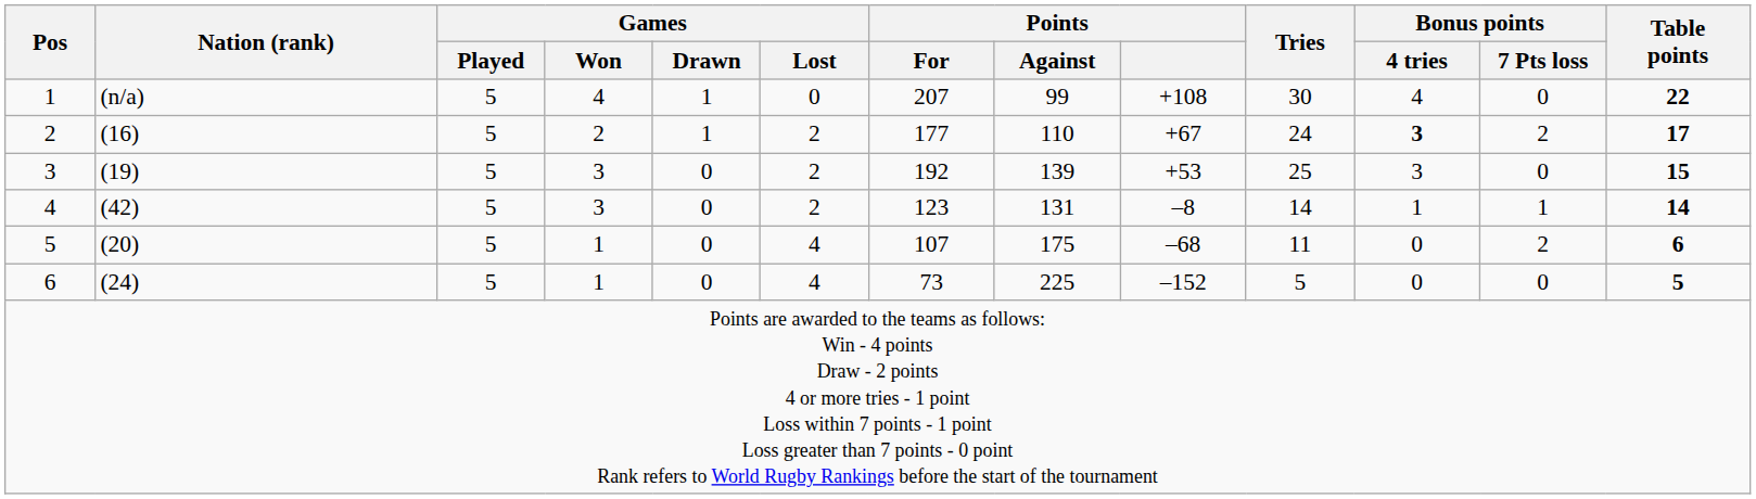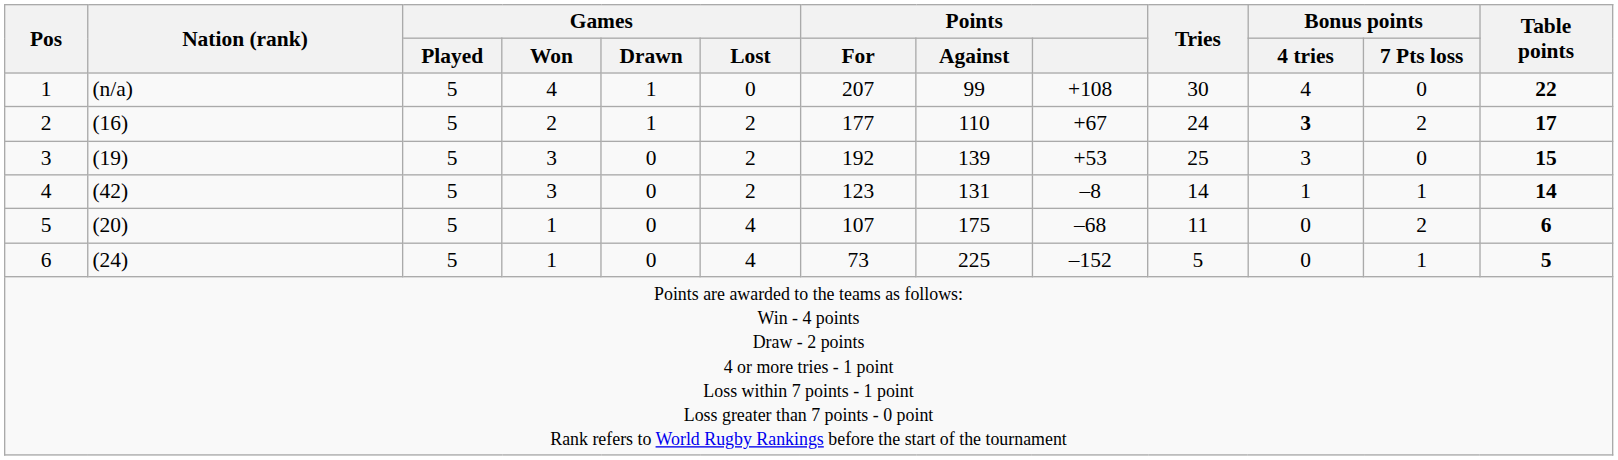 <table class="wikitable" style="text-align:center; width:95%">
 <tr>
 <th rowspan="2" style="width:5%">Pos</th>
 <th rowspan="2" style="width:19%">Nation (rank)</th>
 <th colspan="4" style="width:28%">Games</th>
 <th colspan="3" style="width:18%">Points</th>
 <th rowspan="2" style="width:6%">Tries</th>
 <th colspan="2" style="width:15%">Bonus points</th>
 <th rowspan="2" style="width:8%">Table<br>points</th>
 </tr>
 <tr>
 <th style="width:6%">Played</th>
 <th style="width:6%">Won</th>
 <th style="width:6%">Drawn</th>
 <th style="width:6%">Lost</th>
 <th style="width:7%">For</th>
 <th style="width:7%">Against</th>
 <th style="width:7%"></th>
 <th style="width:7%">4 tries</th>
 <th style="width:7%">7 Pts loss</th>
 </tr>
 <tr>
 <td>1</td>
 <td align="left"> (n/a)</td>
 <td>5</td>
 <td>4</td>
 <td>1</td>
 <td>0</td>
 <td>207</td>
 <td>99</td>
 <td>+108</td>
 <td>30</td>
 <td>4</td>
 <td>0</td>
 <td><strong>22</strong></td>
 </tr>
 <tr>
 <td>2</td>
 <td align="left"> (16)</td>
 <td>5</td>
 <td>2</td>
 <td>1</td>
 <td>2</td>
 <td>177</td>
 <td>110</td>
 <td>+67</td>
 <td>24</td>
 <td><strong>3</strong></td>
 <td>2</td>
 <td><strong>17</strong></td>
 </tr>
 <tr>
 <td>3</td>
 <td align="left"> (19)</td>
 <td>5</td>
 <td>3</td>
 <td>0</td>
 <td>2</td>
 <td>192</td>
 <td>139</td>
 <td>+53</td>
 <td>25</td>
 <td>3</td>
 <td>0</td>
 <td><strong>15</strong></td>
 </tr>
 <tr>
 <td>4</td>
 <td align="left"> (42)</td>
 <td>5</td>
 <td>3</td>
 <td>0</td>
 <td>2</td>
 <td>123</td>
 <td>131</td>
 <td>–8</td>
 <td>14</td>
 <td>1</td>
 <td>1</td>
 <td><strong>14</strong></td>
 </tr>
 <tr>
 <td>5</td>
 <td align="left"> (20)</td>
 <td>5</td>
 <td>1</td>
 <td>0</td>
 <td>4</td>
 <td>107</td>
 <td>175</td>
 <td>–68</td>
 <td>11</td>
 <td>0</td>
 <td>2</td>
 <td><strong>6</strong></td>
 </tr>
 <tr>
 <td>6</td>
 <td align="left"> (24)</td>
 <td>5</td>
 <td>1</td>
 <td>0</td>
 <td>4</td>
 <td>73</td>
 <td>225</td>
 <td>–152</td>
 <td>5</td>
 <td>0</td>
-<td>0</td>
+<td>1</td>
 <td><strong>5</strong></td>
 </tr>
 <tr>
 <td colspan="100%" style="text-align:center;"><small>Points are awarded to the teams as follows:<br>Win - 4 points<br>Draw - 2 points<br>4 or more tries - 1 point<br>Loss within 7 points - 1 point<br>Loss greater than 7 points - 0 point <br> Rank refers to <a href='#'>World Rugby Rankings</a> before the start of the tournament</small></td>
 </tr>
 </table>
